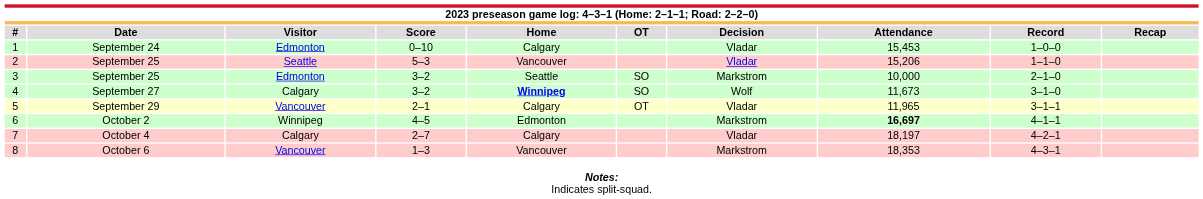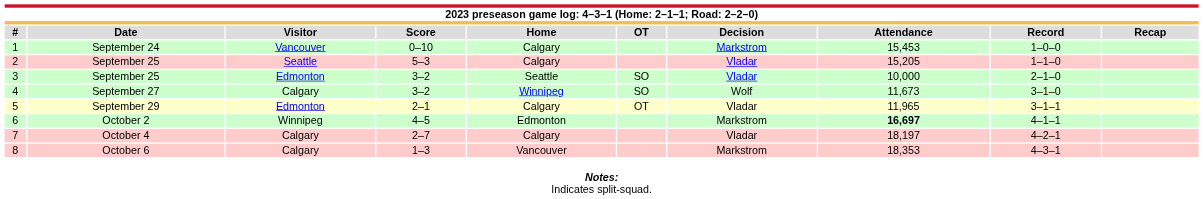 <table class="toccolours collapsible collapsed" style="width:90%; clear:both; margin:1.5em auto; text-align:center;">
 <tr>
 <th colspan="10" style="background:#FFFFFF; border-top:#CE1126 5px solid; border-bottom:#F3BC52 5px solid;">2023 preseason game log: 4–3–1 (Home: 2–1–1; Road: 2–2–0)</th>
 </tr>
 <tr style="background:#ddd;">
 <th>#</th>
 <th>Date</th>
 <th>Visitor</th>
 <th>Score</th>
 <th>Home</th>
 <th>OT</th>
 <th>Decision</th>
 <th>Attendance</th>
 <th>Record</th>
 <th>Recap</th>
 </tr>
 <tr style="background:#cfc;">
 <td>1</td>
 <td>September 24</td>
-<td><a href='#'>Edmonton</a></td>
+<td><a href='#'>Vancouver</a></td>
 <td>0–10</td>
 <td>Calgary</td>
 <td></td>
-<td>Vladar</td>
+<td><a href='#'>Markstrom</a></td>
 <td>15,453</td>
 <td>1–0–0</td>
 <td></td>
 </tr>
 <tr style="background:#fcc;">
 <td>2</td>
 <td>September 25</td>
 <td><a href='#'>Seattle</a></td>
 <td>5–3</td>
-<td>Vancouver</td>
+<td>Calgary</td>
 <td></td>
 <td><a href='#'>Vladar</a></td>
-<td>15,206</td>
+<td>15,205</td>
 <td>1–1–0</td>
 <td></td>
 </tr>
 <tr style="background:#cfc;">
 <td>3</td>
 <td>September 25</td>
 <td><a href='#'>Edmonton</a></td>
 <td>3–2</td>
 <td>Seattle</td>
 <td>SO</td>
-<td>Markstrom</td>
+<td><a href='#'>Vladar</a></td>
 <td>10,000</td>
 <td>2–1–0</td>
 <td></td>
 </tr>
 <tr style="background:#cfc;">
 <td>4</td>
 <td>September 27</td>
 <td>Calgary</td>
 <td>3–2</td>
-<td><strong><a href='#'>Winnipeg</a></strong></td>
+<td><a href='#'>Winnipeg</a></td>
 <td>SO</td>
 <td>Wolf</td>
 <td>11,673</td>
 <td>3–1–0</td>
 <td></td>
 </tr>
 <tr style="background:#ffc;">
 <td>5</td>
 <td>September 29</td>
-<td><a href='#'>Vancouver</a></td>
+<td><a href='#'>Edmonton</a></td>
 <td>2–1</td>
 <td>Calgary</td>
 <td>OT</td>
 <td>Vladar</td>
 <td>11,965</td>
 <td>3–1–1</td>
 <td></td>
 </tr>
 <tr style="background:#cfc;">
 <td>6</td>
 <td>October 2</td>
 <td>Winnipeg</td>
 <td>4–5</td>
 <td>Edmonton</td>
 <td></td>
 <td>Markstrom</td>
 <td><strong>16,697</strong></td>
 <td>4–1–1</td>
 <td></td>
 </tr>
 <tr style="background:#fcc;">
 <td>7</td>
 <td>October 4</td>
 <td>Calgary</td>
 <td>2–7</td>
 <td>Calgary</td>
 <td></td>
 <td>Vladar</td>
 <td>18,197</td>
 <td>4–2–1</td>
 <td></td>
 </tr>
 <tr style="background:#fcc;">
 <td>8</td>
 <td>October 6</td>
-<td><a href='#'>Vancouver</a></td>
+<td>Calgary</td>
 <td>1–3</td>
 <td>Vancouver</td>
 <td></td>
 <td>Markstrom</td>
 <td>18,353</td>
 <td>4–3–1</td>
 <td></td>
 </tr>
 <tr>
 <td colspan="10" style="text-align:center;"><br><strong><em>Notes:</em></strong><br>  Indicates split-squad.</td>
 </tr>
 </table>
